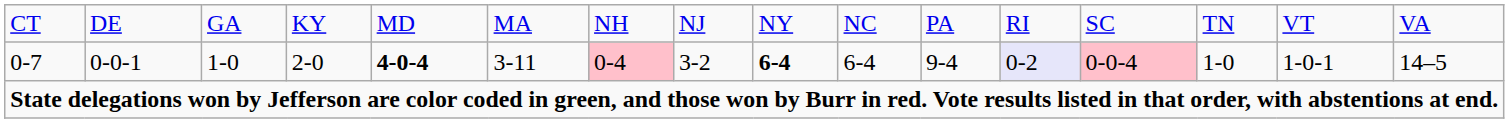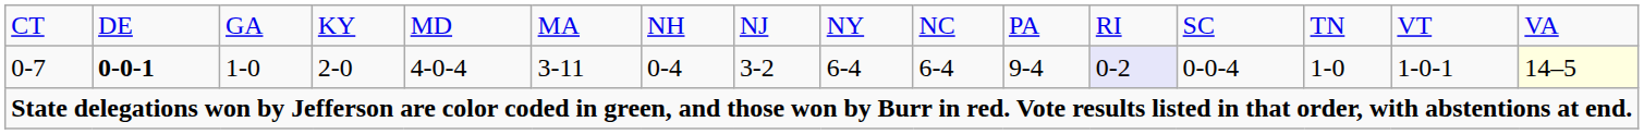 <table class="wikitable">
 <tr>
 <td><a href='#'>CT</a></td>
 <td><a href='#'>DE</a></td>
 <td><a href='#'>GA</a></td>
 <td><a href='#'>KY</a></td>
 <td><a href='#'>MD</a></td>
 <td><a href='#'>MA</a></td>
 <td><a href='#'>NH</a></td>
 <td><a href='#'>NJ</a></td>
 <td><a href='#'>NY</a></td>
 <td><a href='#'>NC</a></td>
 <td><a href='#'>PA</a></td>
 <td><a href='#'>RI</a></td>
 <td><a href='#'>SC</a></td>
 <td><a href='#'>TN</a></td>
 <td><a href='#'>VT</a></td>
 <td><a href='#'>VA</a></td>
 </tr>
 <tr>
 <td>0-7</td>
-<td>0-0-1</td>
+<td><strong>0-0-1</strong></td>
 <td>1-0</td>
 <td>2-0</td>
-<td><strong>4-0-4</strong></td>
+<td>4-0-4</td>
 <td>3-11</td>
-<td style="background: pink;">0-4</td>
+<td>0-4</td>
 <td>3-2</td>
-<td><strong>6-4</strong></td>
+<td>6-4</td>
 <td>6-4</td>
 <td>9-4</td>
 <td style="background: lavender;">0-2</td>
-<td style="background: pink;">0-0-4</td>
+<td>0-0-4</td>
 <td>1-0</td>
 <td>1-0-1</td>
-<td>14–5</td>
+<td style="background: lightyellow;">14–5</td>
 </tr>
 <tr>
 <td align=center colspan=24><strong>State delegations won by Jefferson are color coded in green, and those won by Burr in red. Vote results listed in that order, with abstentions at end.</strong></td>
 </tr>
 </table>
